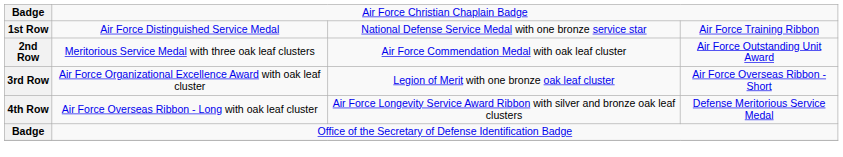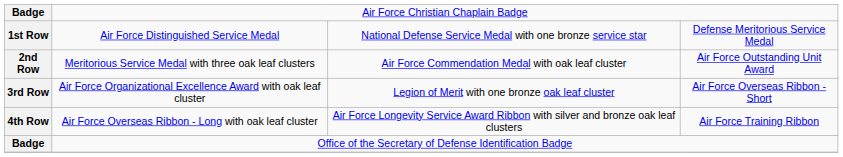 <table class="wikitable" style="margin:1em auto; text-align:center;">
 <tr>
 <th>Badge</th>
 <td colspan="3"><a href='#'>Air Force Christian Chaplain Badge</a></td>
 </tr>
 <tr>
 <th>1st Row</th>
 <td><a href='#'>Air Force Distinguished Service Medal</a></td>
 <td><a href='#'>National Defense Service Medal</a> with one bronze <a href='#'>service star</a></td>
-<td><a href='#'>Air Force Training Ribbon</a></td>
+<td><a href='#'>Defense Meritorious Service Medal</a></td>
 </tr>
 <tr>
 <th>2nd Row</th>
 <td><a href='#'>Meritorious Service Medal</a> with three oak leaf clusters</td>
 <td><a href='#'>Air Force Commendation Medal</a> with oak leaf cluster</td>
 <td><a href='#'>Air Force Outstanding Unit Award</a></td>
 </tr>
 <tr>
 <th>3rd Row</th>
 <td><a href='#'>Air Force Organizational Excellence Award</a> with oak leaf cluster</td>
 <td><a href='#'>Legion of Merit</a> with one bronze <a href='#'>oak leaf cluster</a></td>
 <td><a href='#'>Air Force Overseas Ribbon - Short</a></td>
 </tr>
 <tr>
 <th>4th Row</th>
 <td><a href='#'>Air Force Overseas Ribbon - Long</a> with oak leaf cluster</td>
 <td><a href='#'>Air Force Longevity Service Award Ribbon</a> with silver and bronze oak leaf clusters</td>
-<td><a href='#'>Defense Meritorious Service Medal</a></td>
+<td><a href='#'>Air Force Training Ribbon</a></td>
 </tr>
 <tr>
 <th>Badge</th>
 <td colspan="3"><a href='#'>Office of the Secretary of Defense Identification Badge</a></td>
 </tr>
 <tr>
 </tr>
 </table>
